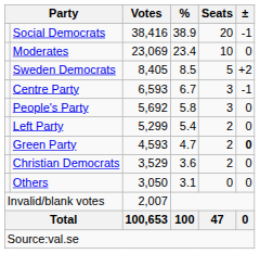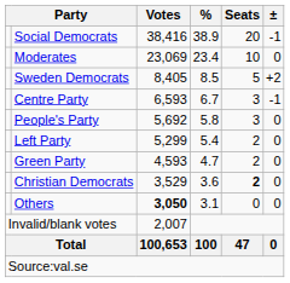 <table class=wikitable style=text-align:right>
 <tr>
 <th colspan=2>Party</th>
 <th>Votes</th>
 <th>%</th>
 <th>Seats</th>
 <th>±</th>
 </tr>
 <tr>
 <td bgcolor=></td>
 <td align=left><a href='#'>Social Democrats</a></td>
 <td>38,416</td>
 <td>38.9</td>
 <td>20</td>
 <td>-1</td>
 </tr>
 <tr>
 <td bgcolor=></td>
 <td align=left><a href='#'>Moderates</a></td>
 <td>23,069</td>
 <td>23.4</td>
 <td>10</td>
 <td>0</td>
 </tr>
 <tr>
 <td bgcolor=></td>
 <td align=left><a href='#'>Sweden Democrats</a></td>
 <td>8,405</td>
 <td>8.5</td>
 <td>5</td>
 <td>+2</td>
 </tr>
 <tr>
 <td bgcolor=></td>
 <td align=left><a href='#'>Centre Party</a></td>
 <td>6,593</td>
 <td>6.7</td>
 <td>3</td>
 <td>-1</td>
 </tr>
 <tr>
 <td bgcolor=></td>
 <td align=left><a href='#'>People's Party</a></td>
 <td>5,692</td>
 <td>5.8</td>
 <td>3</td>
 <td>0</td>
 </tr>
 <tr>
 <td bgcolor=></td>
 <td align=left><a href='#'>Left Party</a></td>
 <td>5,299</td>
 <td>5.4</td>
 <td>2</td>
 <td>0</td>
 </tr>
 <tr>
 <td bgcolor=></td>
 <td align=left><a href='#'>Green Party</a></td>
 <td>4,593</td>
 <td>4.7</td>
 <td>2</td>
-<td><strong>0</strong></td>
+<td>0</td>
 </tr>
 <tr>
 <td bgcolor=></td>
 <td align=left><a href='#'>Christian Democrats</a></td>
 <td>3,529</td>
 <td>3.6</td>
-<td>2</td>
+<td><strong>2</strong></td>
 <td>0</td>
 </tr>
 <tr>
 <td></td>
 <td align=left><a href='#'>Others</a></td>
-<td>3,050</td>
+<td><strong>3,050</strong></td>
 <td>3.1</td>
 <td>0</td>
 <td>0</td>
 </tr>
 <tr>
 <td align=left colspan=2>Invalid/blank votes</td>
 <td>2,007</td>
 <td colspan=3></td>
 </tr>
 <tr>
 <th align=left colspan=2>Total</th>
 <th>100,653</th>
 <th>100</th>
 <th>47</th>
 <th>0</th>
 </tr>
 <tr>
 <td align=left colspan=6>Source:val.se </td>
 </tr>
 </table>
